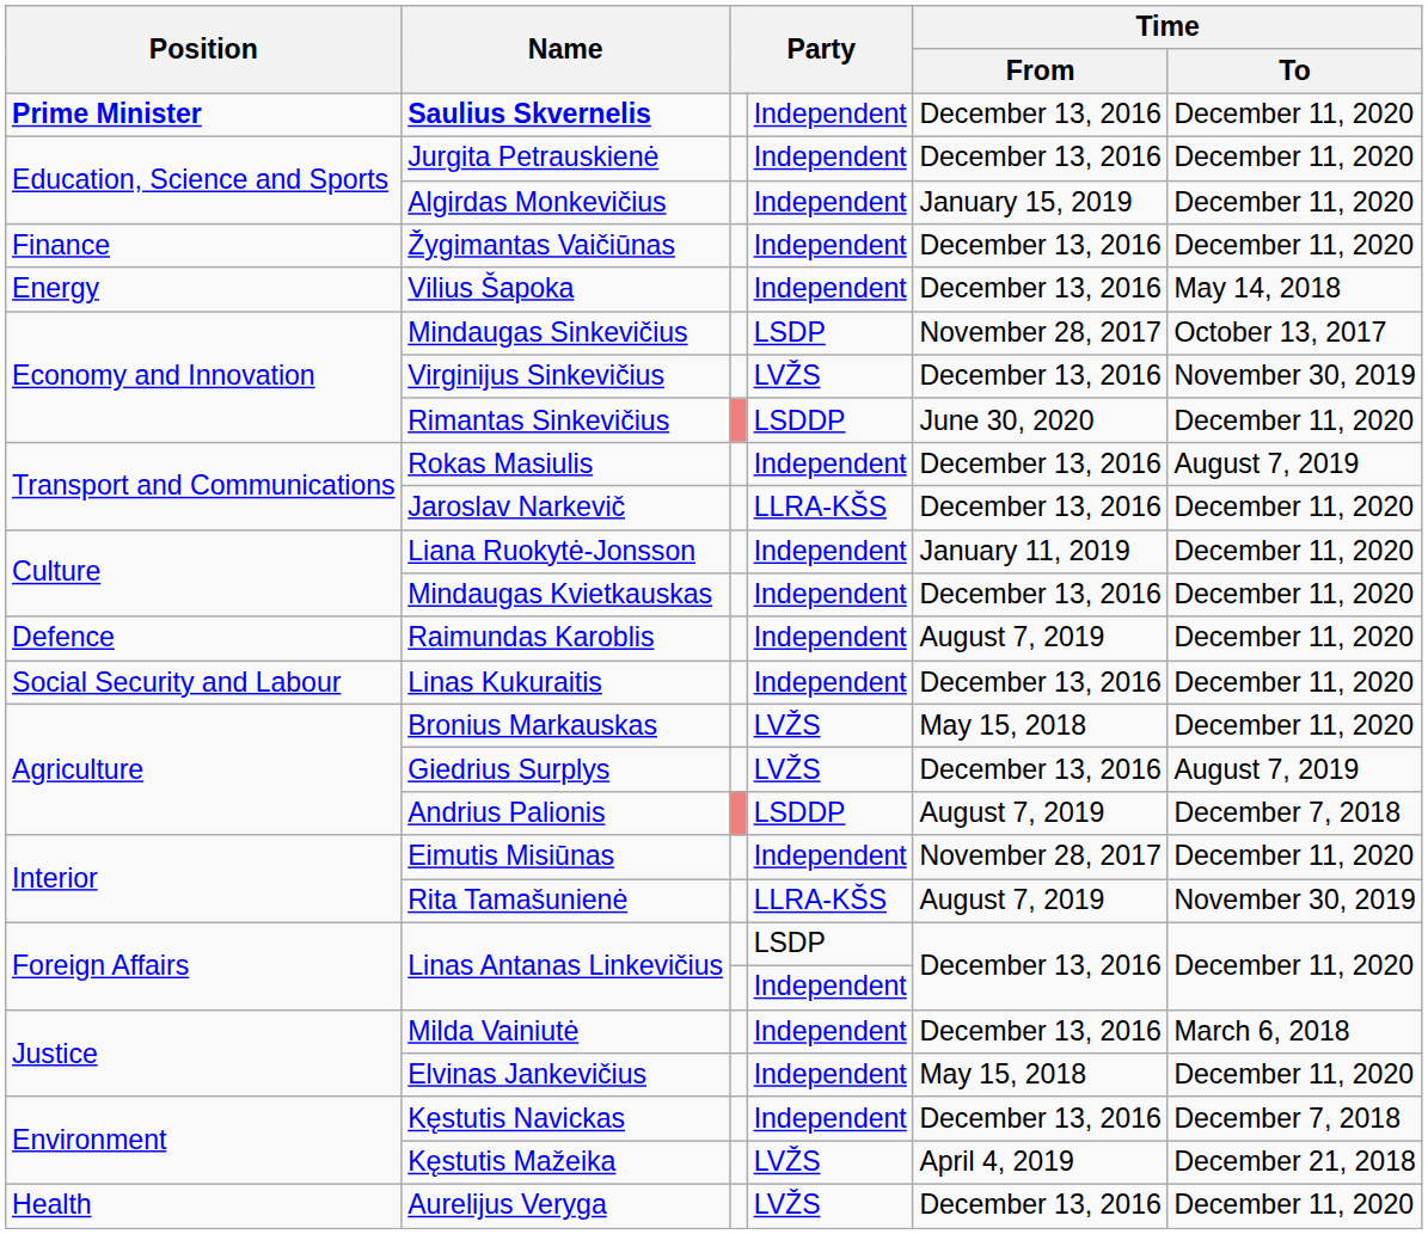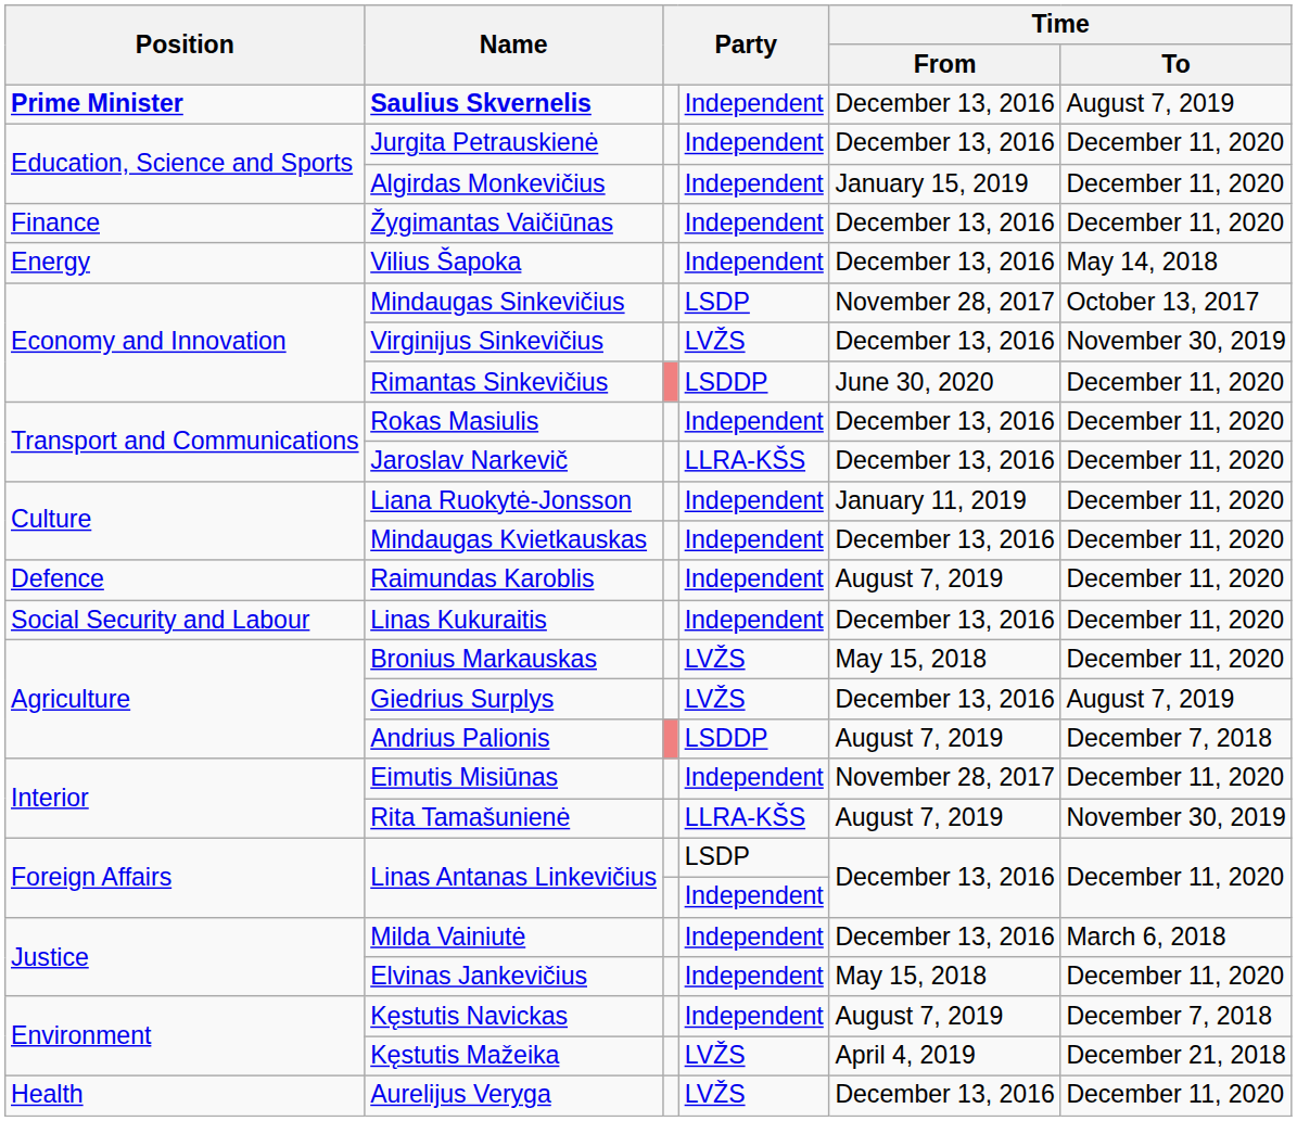 <table class="wikitable">
 <tr>
 <th rowspan=2>Position</th>
 <th rowspan=2>Name</th>
 <th rowspan=2 colspan=2>Party</th>
 <th colspan=2>Time</th>
 </tr>
 <tr>
 <th>From</th>
 <th>To</th>
 </tr>
 <tr>
 <td><strong><a href='#'>Prime Minister</a></strong></td>
 <td><strong><a href='#'>Saulius Skvernelis</a></strong></td>
 <td style="background-color:"></td>
 <td><a href='#'>Independent</a></td>
 <td>December 13, 2016</td>
-<td>December 11, 2020</td>
+<td>August 7, 2019</td>
 </tr>
 <tr>
 <td rowspan=2><a href='#'>Education, Science and Sports</a></td>
 <td><a href='#'>Jurgita Petrauskienė</a></td>
 <td style="background-color:"></td>
 <td><a href='#'>Independent</a></td>
 <td>December 13, 2016</td>
 <td>December 11, 2020</td>
 </tr>
 <tr>
 <td><a href='#'>Algirdas Monkevičius</a></td>
 <td style="background-color:"></td>
 <td><a href='#'>Independent</a></td>
 <td>January 15, 2019</td>
 <td>December 11, 2020</td>
 </tr>
 <tr>
 <td><a href='#'>Finance</a></td>
 <td><a href='#'>Žygimantas Vaičiūnas</a></td>
 <td style="background-color:"></td>
 <td><a href='#'>Independent</a></td>
 <td>December 13, 2016</td>
 <td>December 11, 2020</td>
 </tr>
 <tr>
 <td><a href='#'>Energy</a></td>
 <td><a href='#'>Vilius Šapoka</a></td>
 <td style="background-color:"></td>
 <td><a href='#'>Independent</a></td>
 <td>December 13, 2016</td>
 <td>May 14, 2018</td>
 </tr>
 <tr>
 <td rowspan=3><a href='#'>Economy and Innovation</a></td>
 <td><a href='#'>Mindaugas Sinkevičius</a></td>
 <td style="background-color:"></td>
 <td><a href='#'>LSDP</a></td>
 <td>November 28, 2017</td>
 <td>October 13, 2017</td>
 </tr>
 <tr>
 <td><a href='#'>Virginijus Sinkevičius</a></td>
 <td style="background-color:"></td>
 <td><a href='#'>LVŽS</a></td>
 <td>December 13, 2016</td>
 <td>November 30, 2019</td>
 </tr>
 <tr>
 <td><a href='#'>Rimantas Sinkevičius</a></td>
 <td style="background-color:#F08080" width="3px"></td>
 <td><a href='#'>LSDDP</a></td>
 <td>June 30, 2020</td>
 <td>December 11, 2020</td>
 </tr>
 <tr>
 <td rowspan=2><a href='#'>Transport and Communications</a></td>
 <td><a href='#'>Rokas Masiulis</a></td>
 <td style="background-color:"></td>
 <td><a href='#'>Independent</a></td>
 <td>December 13, 2016</td>
-<td>August 7, 2019</td>
+<td>December 11, 2020</td>
 </tr>
 <tr>
 <td><a href='#'>Jaroslav Narkevič</a></td>
 <td style="background-color:"></td>
 <td><a href='#'>LLRA-KŠS</a></td>
 <td>December 13, 2016</td>
 <td>December 11, 2020</td>
 </tr>
 <tr>
 <td rowspan=2><a href='#'>Culture</a></td>
 <td><a href='#'>Liana Ruokytė-Jonsson</a></td>
 <td style="background-color:"></td>
 <td><a href='#'>Independent</a></td>
 <td>January 11, 2019</td>
 <td>December 11, 2020</td>
 </tr>
 <tr>
 <td><a href='#'>Mindaugas Kvietkauskas</a></td>
 <td style="background-color:"></td>
 <td><a href='#'>Independent</a></td>
 <td>December 13, 2016</td>
 <td>December 11, 2020</td>
 </tr>
 <tr>
 <td><a href='#'>Defence</a></td>
 <td><a href='#'>Raimundas Karoblis</a></td>
 <td style="background-color:"></td>
 <td><a href='#'>Independent</a></td>
 <td>August 7, 2019</td>
 <td>December 11, 2020</td>
 </tr>
 <tr>
 <td><a href='#'>Social Security and Labour</a></td>
 <td><a href='#'>Linas Kukuraitis</a></td>
 <td style="background-color:"></td>
 <td><a href='#'>Independent</a></td>
 <td>December 13, 2016</td>
 <td>December 11, 2020</td>
 </tr>
 <tr>
 <td rowspan=3><a href='#'>Agriculture</a></td>
 <td><a href='#'>Bronius Markauskas</a></td>
 <td style="background-color:"></td>
 <td><a href='#'>LVŽS</a></td>
 <td>May 15, 2018</td>
 <td>December 11, 2020</td>
 </tr>
 <tr>
 <td><a href='#'>Giedrius Surplys</a></td>
 <td style="background-color:"></td>
 <td><a href='#'>LVŽS</a></td>
 <td>December 13, 2016</td>
 <td>August 7, 2019</td>
 </tr>
 <tr>
 <td><a href='#'>Andrius Palionis</a></td>
 <td style="background-color:#F08080" width="3px"></td>
 <td><a href='#'>LSDDP</a></td>
 <td>August 7, 2019</td>
 <td>December 7, 2018</td>
 </tr>
 <tr>
 <td rowspan=2><a href='#'>Interior</a></td>
 <td><a href='#'>Eimutis Misiūnas</a></td>
 <td style="background-color:"></td>
 <td><a href='#'>Independent</a></td>
 <td>November 28, 2017</td>
 <td>December 11, 2020</td>
 </tr>
 <tr>
 <td><a href='#'>Rita Tamašunienė</a></td>
 <td style="background-color:"></td>
 <td><a href='#'>LLRA-KŠS</a></td>
 <td>August 7, 2019</td>
 <td>November 30, 2019</td>
 </tr>
 <tr>
 <td rowspan=2><a href='#'>Foreign Affairs</a></td>
 <td rowspan=2><a href='#'>Linas Antanas Linkevičius</a></td>
 <td style="background-color:"></td>
 <td>LSDP</td>
 <td rowspan=2>December 13, 2016</td>
 <td rowspan=2>December 11, 2020</td>
 </tr>
 <tr>
 <td style="background-color:"></td>
 <td><a href='#'>Independent</a></td>
 </tr>
 <tr>
 <td rowspan=2><a href='#'>Justice</a></td>
 <td><a href='#'>Milda Vainiutė</a></td>
 <td style="background-color:"></td>
 <td><a href='#'>Independent</a></td>
 <td>December 13, 2016</td>
 <td>March 6, 2018</td>
 </tr>
 <tr>
 <td><a href='#'>Elvinas Jankevičius</a></td>
 <td style="background-color:"></td>
 <td><a href='#'>Independent</a></td>
 <td>May 15, 2018</td>
 <td>December 11, 2020</td>
 </tr>
 <tr>
 <td rowspan=2><a href='#'>Environment</a></td>
 <td><a href='#'>Kęstutis Navickas</a></td>
 <td style="background-color:"></td>
 <td><a href='#'>Independent</a></td>
-<td>December 13, 2016</td>
+<td>August 7, 2019</td>
 <td>December 7, 2018</td>
 </tr>
 <tr>
 <td><a href='#'>Kęstutis Mažeika</a></td>
 <td style="background-color:"></td>
 <td><a href='#'>LVŽS</a></td>
 <td>April 4, 2019</td>
 <td>December 21, 2018</td>
 </tr>
 <tr>
 <td><a href='#'>Health</a></td>
 <td><a href='#'>Aurelijus Veryga</a></td>
 <td style="background-color:"></td>
 <td><a href='#'>LVŽS</a></td>
 <td>December 13, 2016</td>
 <td>December 11, 2020</td>
 </tr>
 </table>
